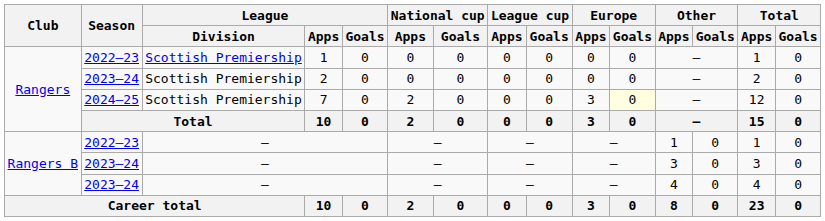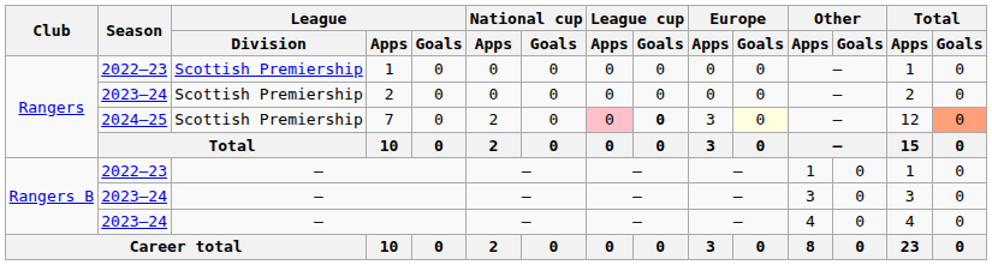 <table class="wikitable" style="text-align:center">
 <tr>
 <th rowspan="2">Club</th>
 <th rowspan="2">Season</th>
 <th colspan="3">League</th>
 <th colspan="2">National cup</th>
 <th colspan="2">League cup</th>
 <th colspan="2">Europe</th>
 <th colspan="2">Other</th>
 <th colspan="2">Total</th>
 </tr>
 <tr>
 <th>Division</th>
 <th>Apps</th>
 <th>Goals</th>
 <th>Apps</th>
 <th>Goals</th>
 <th>Apps</th>
 <th>Goals</th>
 <th>Apps</th>
 <th>Goals</th>
 <th>Apps</th>
 <th>Goals</th>
 <th>Apps</th>
 <th>Goals</th>
 </tr>
 <tr>
 <td rowspan=4><a href='#'>Rangers</a></td>
 <td><a href='#'>2022–23</a></td>
 <td><a href='#'>Scottish Premiership</a></td>
 <td>1</td>
 <td>0</td>
 <td>0</td>
 <td>0</td>
 <td>0</td>
 <td>0</td>
 <td>0</td>
 <td>0</td>
 <td colspan="2">—</td>
 <td>1</td>
 <td>0</td>
 </tr>
 <tr>
 <td><a href='#'>2023–24</a></td>
 <td>Scottish Premiership</td>
 <td>2</td>
 <td>0</td>
 <td>0</td>
 <td>0</td>
 <td>0</td>
 <td>0</td>
 <td>0</td>
 <td>0</td>
 <td colspan="2">—</td>
 <td>2</td>
 <td>0</td>
 </tr>
 <tr>
 <td><a href='#'>2024–25</a></td>
 <td>Scottish Premiership</td>
 <td>7</td>
 <td>0</td>
 <td>2</td>
 <td>0</td>
-<td>0</td>
-<td>0</td>
+<td style="background: pink;">0</td>
+<td><strong>0</strong></td>
 <td>3</td>
 <td style="background: lightyellow;">0</td>
 <td colspan="2">—</td>
 <td>12</td>
-<td>0</td>
+<td style="background: lightsalmon;">0</td>
 </tr>
 <tr>
 <th colspan=2>Total</th>
 <th>10</th>
 <th>0</th>
 <th>2</th>
 <th>0</th>
 <th>0</th>
 <th>0</th>
 <th>3</th>
 <th>0</th>
 <th colspan="2">—</th>
 <th>15</th>
 <th>0</th>
 </tr>
 <tr>
 <td rowspan=3><a href='#'>Rangers B</a></td>
 <td><a href='#'>2022–23</a></td>
 <td colspan=3>—</td>
 <td colspan=2>—</td>
 <td colspan=2>—</td>
 <td colspan="2">—</td>
 <td>1</td>
 <td>0</td>
 <td>1</td>
 <td>0</td>
 </tr>
 <tr>
 <td><a href='#'>2023–24</a></td>
 <td colspan="3">—</td>
 <td colspan="2">—</td>
 <td colspan="2">—</td>
 <td colspan="2">—</td>
 <td>3</td>
 <td>0</td>
 <td>3</td>
 <td>0</td>
 </tr>
 <tr>
 <td><a href='#'>2023–24</a></td>
 <td colspan="3">—</td>
 <td colspan="2">—</td>
 <td colspan="2">—</td>
 <td colspan="2">—</td>
 <td>4</td>
 <td>0</td>
 <td>4</td>
 <td>0</td>
 </tr>
 <tr>
 <th colspan="3">Career total</th>
 <th>10</th>
 <th>0</th>
 <th>2</th>
 <th>0</th>
 <th>0</th>
 <th>0</th>
 <th>3</th>
 <th>0</th>
 <th>8</th>
 <th>0</th>
 <th>23</th>
 <th>0</th>
 </tr>
 </table>
